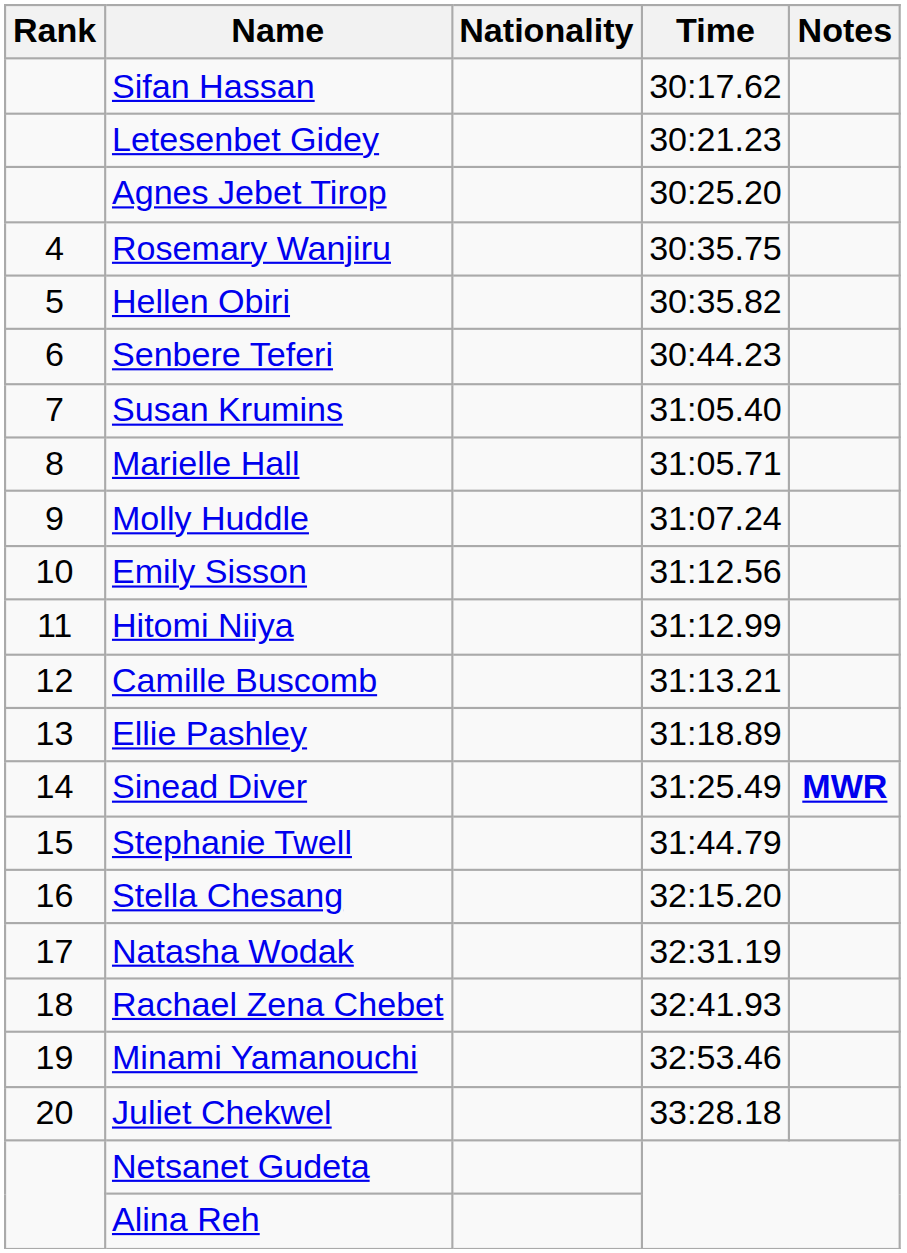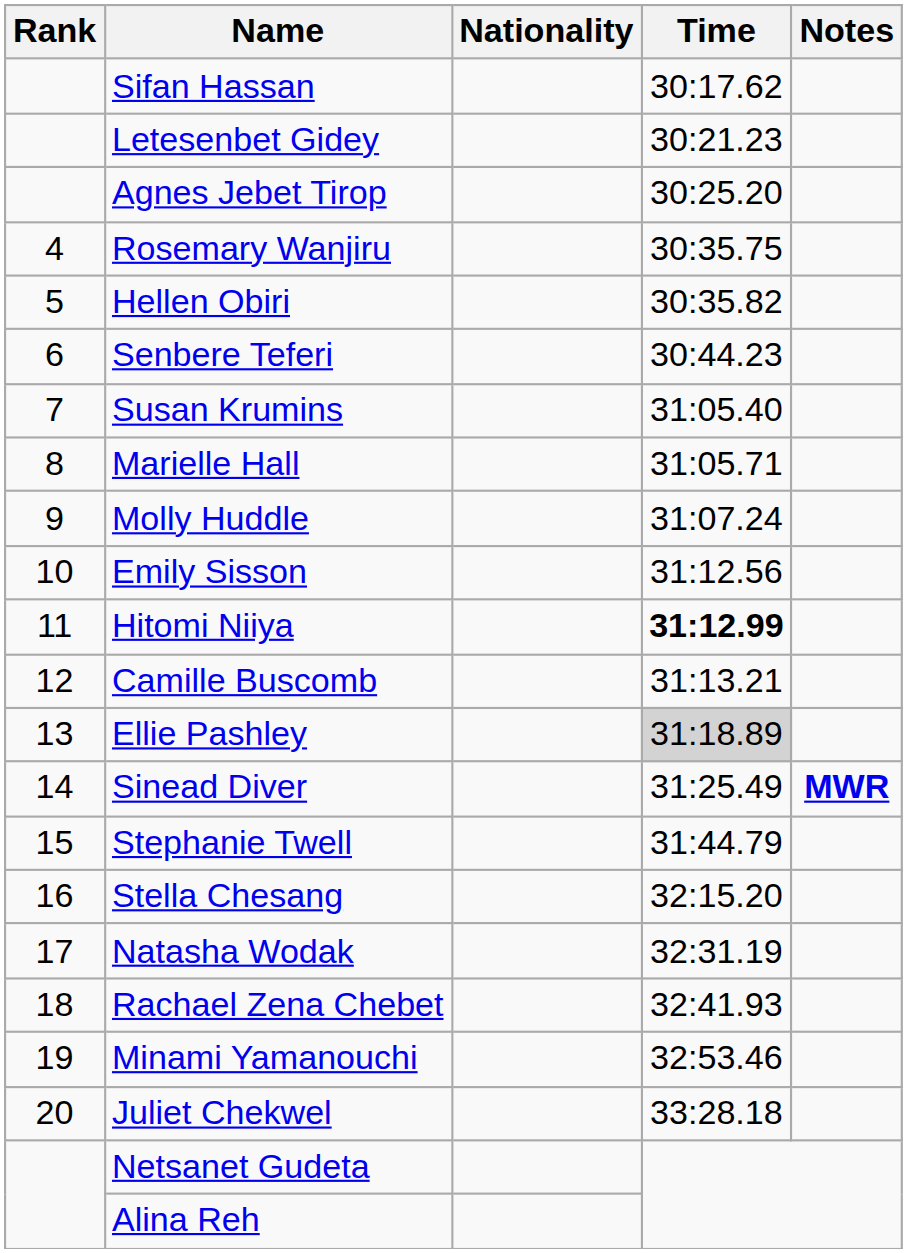 <table class="wikitable sortable" style="text-align:center">
 <tr>
 <th>Rank</th>
 <th>Name</th>
 <th>Nationality</th>
 <th>Time</th>
 <th>Notes</th>
 </tr>
 <tr>
 <td></td>
 <td align=left><a href='#'>Sifan Hassan</a></td>
 <td align=left></td>
 <td>30:17.62</td>
 <td> </td>
 </tr>
 <tr>
 <td></td>
 <td align=left><a href='#'>Letesenbet Gidey</a></td>
 <td align=left></td>
 <td>30:21.23</td>
 <td></td>
 </tr>
 <tr>
 <td></td>
 <td align=left><a href='#'>Agnes Jebet Tirop</a></td>
 <td align=left></td>
 <td>30:25.20</td>
 <td></td>
 </tr>
 <tr>
 <td>4</td>
 <td align=left><a href='#'>Rosemary Wanjiru</a></td>
 <td align=left></td>
 <td>30:35.75</td>
 <td></td>
 </tr>
 <tr>
 <td>5</td>
 <td align=left><a href='#'>Hellen Obiri</a></td>
 <td align=left></td>
 <td>30:35.82</td>
 <td></td>
 </tr>
 <tr>
 <td>6</td>
 <td align=left><a href='#'>Senbere Teferi</a></td>
 <td align=left></td>
 <td>30:44.23</td>
 <td></td>
 </tr>
 <tr>
 <td>7</td>
 <td align=left><a href='#'>Susan Krumins</a></td>
 <td align=left></td>
 <td>31:05.40</td>
 <td></td>
 </tr>
 <tr>
 <td>8</td>
 <td align=left><a href='#'>Marielle Hall</a></td>
 <td align=left></td>
 <td>31:05.71</td>
 <td></td>
 </tr>
 <tr>
 <td>9</td>
 <td align=left><a href='#'>Molly Huddle</a></td>
 <td align=left></td>
 <td>31:07.24</td>
 <td></td>
 </tr>
 <tr>
 <td>10</td>
 <td align=left><a href='#'>Emily Sisson</a></td>
 <td align=left></td>
 <td>31:12.56</td>
 <td></td>
 </tr>
 <tr>
 <td>11</td>
 <td align=left><a href='#'>Hitomi Niiya</a></td>
 <td align=left></td>
-<td>31:12.99</td>
+<td><strong>31:12.99</strong></td>
 <td></td>
 </tr>
 <tr>
 <td>12</td>
 <td align=left><a href='#'>Camille Buscomb</a></td>
 <td align=left></td>
 <td>31:13.21</td>
 <td></td>
 </tr>
 <tr>
 <td>13</td>
 <td align=left><a href='#'>Ellie Pashley</a></td>
 <td align=left></td>
-<td>31:18.89</td>
+<td style="background: lightgrey;">31:18.89</td>
 <td></td>
 </tr>
 <tr>
 <td>14</td>
 <td align=left><a href='#'>Sinead Diver</a></td>
 <td align=left></td>
 <td>31:25.49</td>
 <td><strong><a href='#'>MWR</a></strong> </td>
 </tr>
 <tr>
 <td>15</td>
 <td align=left><a href='#'>Stephanie Twell</a></td>
 <td align=left></td>
 <td>31:44.79</td>
 <td></td>
 </tr>
 <tr>
 <td>16</td>
 <td align=left><a href='#'>Stella Chesang</a></td>
 <td align=left></td>
 <td>32:15.20</td>
 <td></td>
 </tr>
 <tr>
 <td>17</td>
 <td align=left><a href='#'>Natasha Wodak</a></td>
 <td align=left></td>
 <td>32:31.19</td>
 <td></td>
 </tr>
 <tr>
 <td>18</td>
 <td align=left><a href='#'>Rachael Zena Chebet</a></td>
 <td align=left></td>
 <td>32:41.93</td>
 <td></td>
 </tr>
 <tr>
 <td>19</td>
 <td align=left><a href='#'>Minami Yamanouchi</a></td>
 <td align=left></td>
 <td>32:53.46</td>
 <td></td>
 </tr>
 <tr>
 <td>20</td>
 <td align=left><a href='#'>Juliet Chekwel</a></td>
 <td align=left></td>
 <td>33:28.18</td>
 <td></td>
 </tr>
 <tr>
 <td rowspan=2></td>
 <td align=left><a href='#'>Netsanet Gudeta</a></td>
 <td align=left></td>
 <td rowspan=2 colspan=2></td>
 </tr>
 <tr>
 <td align=left><a href='#'>Alina Reh</a></td>
 <td align=left></td>
 </tr>
 </table>
